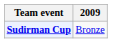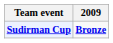 <table style='font-size: 90%; text-align:center;' class='wikitable'>
 <tr>
 <th>Team event</th>
 <th>2009</th>
 </tr>
 <tr>
 <td bgcolor="#ECF2FF"; align="left"><strong><a href='#'>Sudirman Cup</a></strong></td>
-<td> <a href='#'>Bronze</a></td>
+<td><strong> <a href='#'>Bronze</a></strong></td>
 </tr>
 </table>
